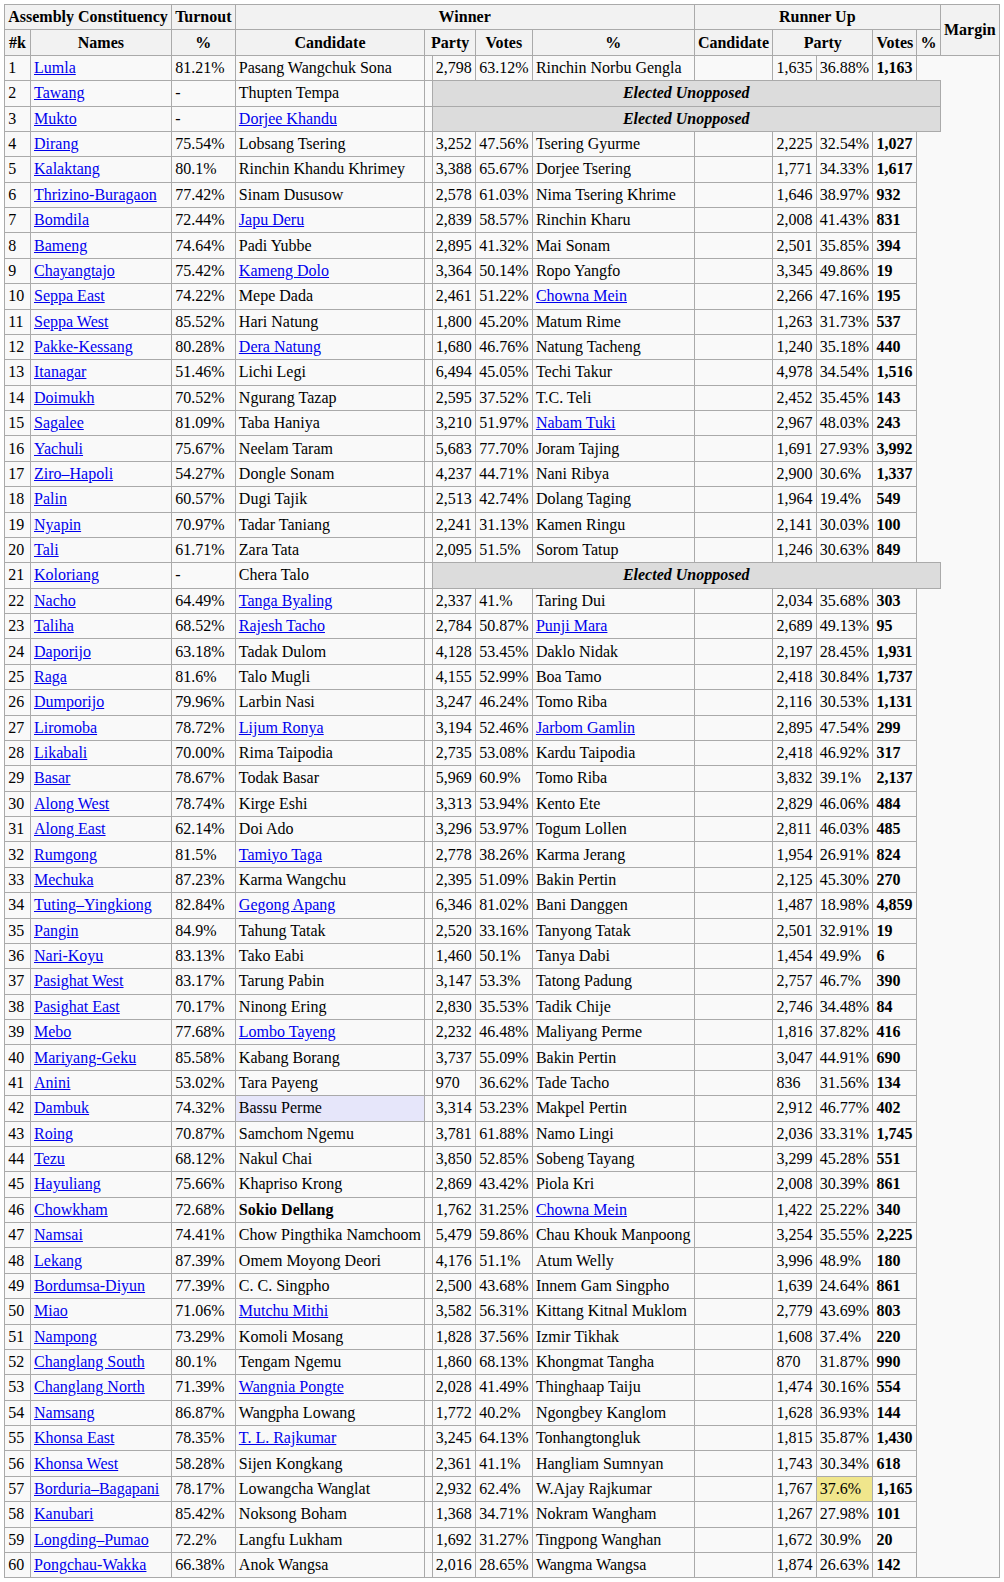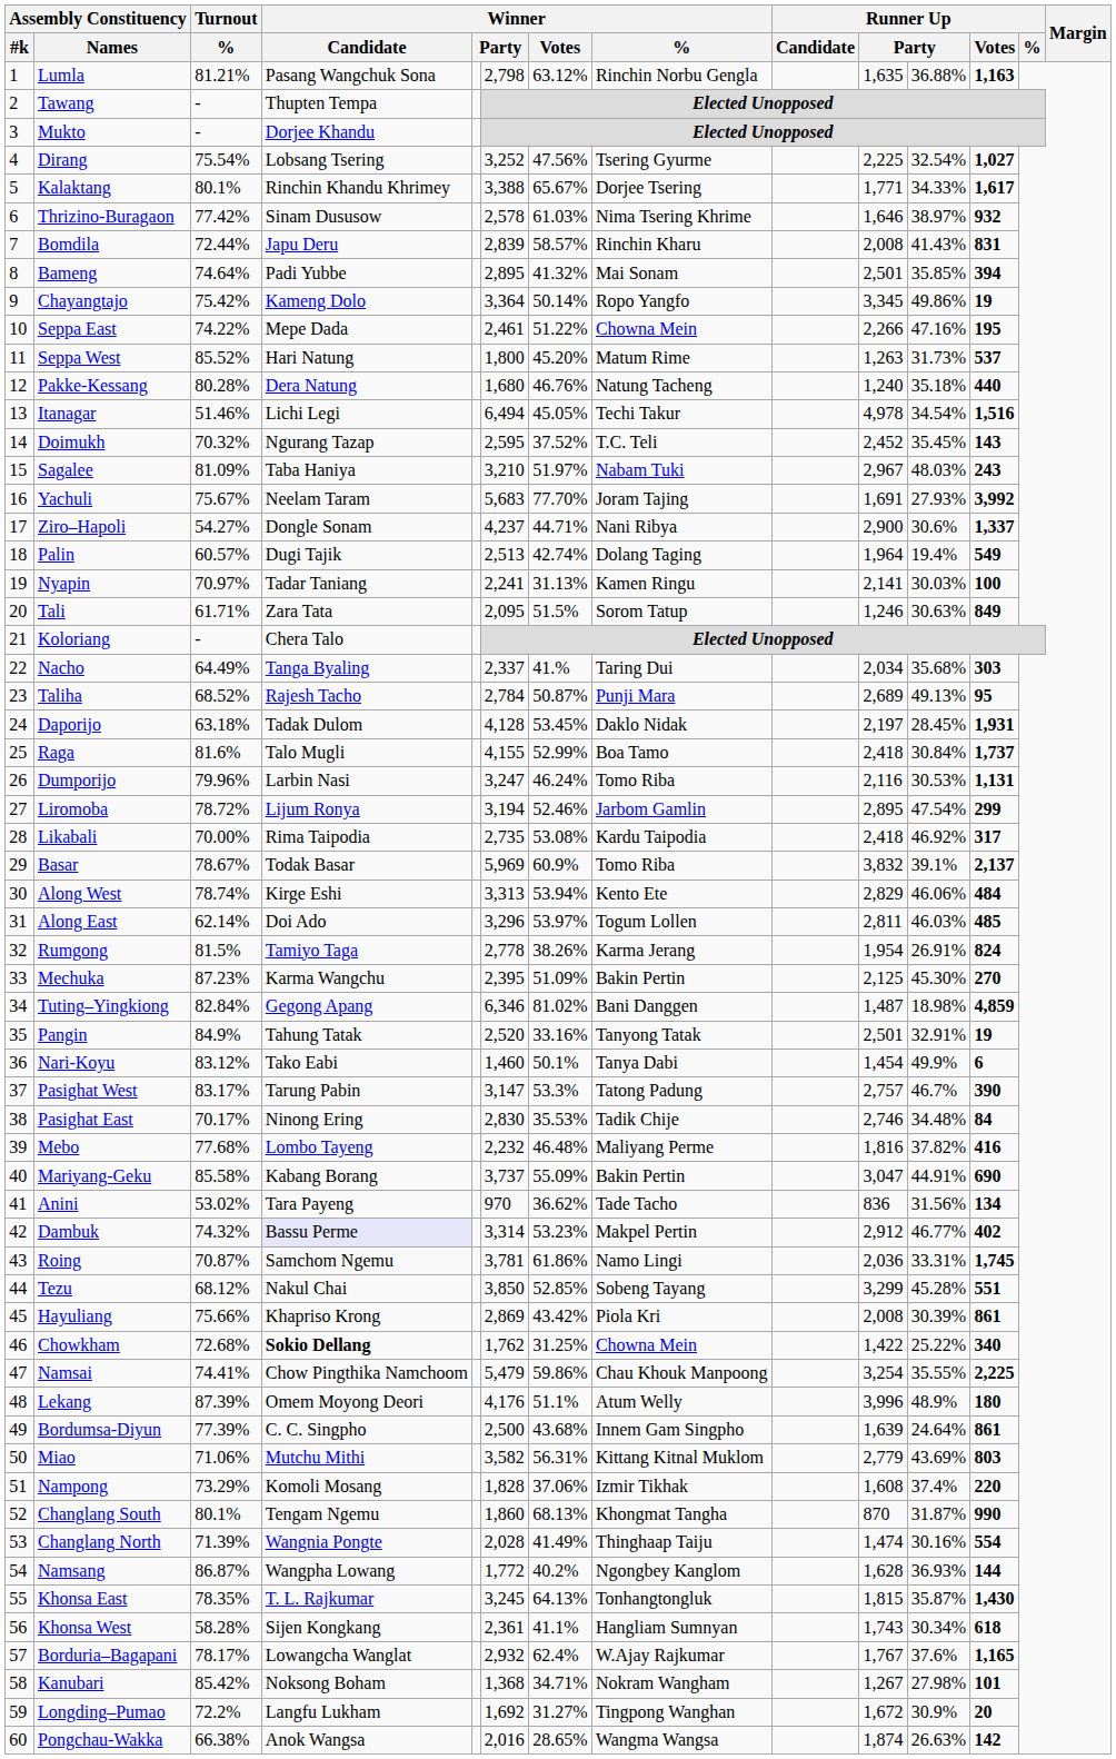 <table class="wikitable sortable">
 <tr>
 <th colspan="2">Assembly Constituency</th>
 <th>Turnout</th>
 <th colspan="5">Winner</th>
 <th colspan="5">Runner Up</th>
 <th rowspan="2" data-sort-type=number>Margin</th>
 </tr>
 <tr>
 <th>#k</th>
 <th>Names</th>
 <th>%</th>
 <th>Candidate</th>
 <th colspan="2">Party</th>
 <th data-sort-type=number>Votes</th>
 <th>%</th>
 <th>Candidate</th>
 <th colspan="2">Party</th>
 <th data-sort-type=number>Votes</th>
 <th>%</th>
 </tr>
 <tr>
 <td>1</td>
 <td><a href='#'>Lumla</a></td>
 <td>81.21%</td>
 <td>Pasang Wangchuk Sona</td>
 <td></td>
 <td>2,798</td>
 <td>63.12%</td>
 <td>Rinchin Norbu Gengla</td>
 <td></td>
 <td>1,635</td>
 <td>36.88%</td>
 <td style="background:"><span><strong>1,163</strong></span></td>
 </tr>
 <tr>
 <td>2</td>
 <td><a href='#'>Tawang</a></td>
 <td>-</td>
 <td>Thupten Tempa</td>
 <td></td>
 <td colspan=8 style="background:#dcdcdc; text-align:center;"><b><em>Elected Unopposed</em></b></td>
 </tr>
 <tr>
 <td>3</td>
 <td><a href='#'>Mukto</a></td>
 <td>-</td>
 <td><a href='#'>Dorjee Khandu</a></td>
 <td></td>
 <td colspan=8 style="background:#dcdcdc; text-align:center;"><b><em>Elected Unopposed</em></b></td>
 </tr>
 <tr>
 <td>4</td>
 <td><a href='#'>Dirang</a></td>
 <td>75.54%</td>
 <td>Lobsang Tsering</td>
 <td></td>
 <td>3,252</td>
 <td>47.56%</td>
 <td>Tsering Gyurme</td>
 <td></td>
 <td>2,225</td>
 <td>32.54%</td>
 <td style="background:"><span><strong>1,027</strong></span></td>
 </tr>
 <tr>
 <td>5</td>
 <td><a href='#'>Kalaktang</a></td>
 <td>80.1%</td>
 <td>Rinchin Khandu Khrimey</td>
 <td></td>
 <td>3,388</td>
 <td>65.67%</td>
 <td>Dorjee Tsering</td>
 <td></td>
 <td>1,771</td>
 <td>34.33%</td>
 <td style="background:"><span><strong>1,617</strong></span></td>
 </tr>
 <tr>
 <td>6</td>
 <td><a href='#'>Thrizino-Buragaon</a></td>
 <td>77.42%</td>
 <td>Sinam Dususow</td>
 <td></td>
 <td>2,578</td>
 <td>61.03%</td>
 <td>Nima Tsering Khrime</td>
 <td></td>
 <td>1,646</td>
 <td>38.97%</td>
 <td style="background:"><span><strong>932</strong></span></td>
 </tr>
 <tr>
 <td>7</td>
 <td><a href='#'>Bomdila</a></td>
 <td>72.44%</td>
 <td><a href='#'>Japu Deru</a></td>
 <td></td>
 <td>2,839</td>
 <td>58.57%</td>
 <td>Rinchin Kharu</td>
 <td></td>
 <td>2,008</td>
 <td>41.43%</td>
 <td style="background:"><span><strong>831</strong></span></td>
 </tr>
 <tr>
 <td>8</td>
 <td><a href='#'>Bameng</a></td>
 <td>74.64%</td>
 <td>Padi Yubbe</td>
 <td></td>
 <td>2,895</td>
 <td>41.32%</td>
 <td>Mai Sonam</td>
 <td></td>
 <td>2,501</td>
 <td>35.85%</td>
 <td style="background:"><span><strong>394</strong></span></td>
 </tr>
 <tr>
 <td>9</td>
 <td><a href='#'>Chayangtajo</a></td>
 <td>75.42%</td>
 <td><a href='#'>Kameng Dolo</a></td>
 <td></td>
 <td>3,364</td>
 <td>50.14%</td>
 <td>Ropo Yangfo</td>
 <td></td>
 <td>3,345</td>
 <td>49.86%</td>
 <td style="background:"><span><strong>19</strong></span></td>
 </tr>
 <tr>
 <td>10</td>
 <td><a href='#'>Seppa East</a></td>
 <td>74.22%</td>
 <td>Mepe Dada</td>
 <td></td>
 <td>2,461</td>
 <td>51.22%</td>
 <td><a href='#'>Chowna Mein</a></td>
 <td></td>
 <td>2,266</td>
 <td>47.16%</td>
 <td style="background:"><span><strong>195</strong></span></td>
 </tr>
 <tr>
 <td>11</td>
 <td><a href='#'>Seppa West</a></td>
 <td>85.52%</td>
 <td>Hari Natung</td>
 <td></td>
 <td>1,800</td>
 <td>45.20%</td>
 <td>Matum Rime</td>
 <td></td>
 <td>1,263</td>
 <td>31.73%</td>
 <td style="background:"><span><strong>537</strong></span></td>
 </tr>
 <tr>
 <td>12</td>
 <td><a href='#'>Pakke-Kessang</a></td>
 <td>80.28%</td>
 <td><a href='#'>Dera Natung</a></td>
 <td></td>
 <td>1,680</td>
 <td>46.76%</td>
 <td>Natung Tacheng</td>
 <td></td>
 <td>1,240</td>
 <td>35.18%</td>
 <td style="background:"><span><strong>440</strong></span></td>
 </tr>
 <tr>
 <td>13</td>
 <td><a href='#'>Itanagar</a></td>
 <td>51.46%</td>
 <td>Lichi Legi</td>
 <td></td>
 <td>6,494</td>
 <td>45.05%</td>
 <td>Techi Takur</td>
 <td></td>
 <td>4,978</td>
 <td>34.54%</td>
 <td style="background:"><span><strong>1,516</strong></span></td>
 </tr>
 <tr>
 <td>14</td>
 <td><a href='#'>Doimukh</a></td>
-<td>70.52%</td>
+<td>70.32%</td>
 <td>Ngurang Tazap</td>
 <td></td>
 <td>2,595</td>
 <td>37.52%</td>
 <td>T.C. Teli</td>
 <td></td>
 <td>2,452</td>
 <td>35.45%</td>
 <td style="background:"><span><strong>143</strong></span></td>
 </tr>
 <tr>
 <td>15</td>
 <td><a href='#'>Sagalee</a></td>
 <td>81.09%</td>
 <td>Taba Haniya</td>
 <td></td>
 <td>3,210</td>
 <td>51.97%</td>
 <td><a href='#'>Nabam Tuki</a></td>
 <td></td>
 <td>2,967</td>
 <td>48.03%</td>
 <td style="background:"><span><strong>243</strong></span></td>
 </tr>
 <tr>
 <td>16</td>
 <td><a href='#'>Yachuli</a></td>
 <td>75.67%</td>
 <td>Neelam Taram</td>
 <td></td>
 <td>5,683</td>
 <td>77.70%</td>
 <td>Joram Tajing</td>
 <td></td>
 <td>1,691</td>
 <td>27.93%</td>
 <td style="background:"><span><strong>3,992</strong></span></td>
 </tr>
 <tr>
 <td>17</td>
 <td><a href='#'>Ziro–Hapoli</a></td>
 <td>54.27%</td>
 <td>Dongle Sonam</td>
 <td></td>
 <td>4,237</td>
 <td>44.71%</td>
 <td>Nani Ribya</td>
 <td></td>
 <td>2,900</td>
 <td>30.6%</td>
 <td style="background:"><span><strong>1,337</strong></span></td>
 </tr>
 <tr>
 <td>18</td>
 <td><a href='#'>Palin</a></td>
 <td>60.57%</td>
 <td>Dugi Tajik</td>
 <td></td>
 <td>2,513</td>
 <td>42.74%</td>
 <td>Dolang Taging</td>
 <td></td>
 <td>1,964</td>
 <td>19.4%</td>
 <td style="background:"><span><strong>549</strong></span></td>
 </tr>
 <tr>
 <td>19</td>
 <td><a href='#'>Nyapin</a></td>
 <td>70.97%</td>
 <td>Tadar Taniang</td>
 <td></td>
 <td>2,241</td>
 <td>31.13%</td>
 <td>Kamen Ringu</td>
 <td></td>
 <td>2,141</td>
 <td>30.03%</td>
 <td style="background:"><span><strong>100</strong></span></td>
 </tr>
 <tr>
 <td>20</td>
 <td><a href='#'>Tali</a></td>
 <td>61.71%</td>
 <td>Zara Tata</td>
 <td></td>
 <td>2,095</td>
 <td>51.5%</td>
 <td>Sorom Tatup</td>
 <td></td>
 <td>1,246</td>
 <td>30.63%</td>
 <td style="background:"><span><strong>849</strong></span></td>
 </tr>
 <tr>
 <td>21</td>
 <td><a href='#'>Koloriang</a></td>
 <td>-</td>
 <td>Chera Talo</td>
 <td></td>
 <td colspan=8 style="background:#dcdcdc; text-align:center;"><b><em>Elected Unopposed</em></b></td>
 </tr>
 <tr>
 <td>22</td>
 <td><a href='#'>Nacho</a></td>
 <td>64.49%</td>
 <td><a href='#'>Tanga Byaling</a></td>
 <td></td>
 <td>2,337</td>
 <td>41.%</td>
 <td>Taring Dui</td>
 <td></td>
 <td>2,034</td>
 <td>35.68%</td>
 <td style="background:"><span><strong>303</strong></span></td>
 </tr>
 <tr>
 <td>23</td>
 <td><a href='#'>Taliha</a></td>
 <td>68.52%</td>
 <td><a href='#'>Rajesh Tacho</a></td>
 <td></td>
 <td>2,784</td>
 <td>50.87%</td>
 <td><a href='#'>Punji Mara</a></td>
 <td></td>
 <td>2,689</td>
 <td>49.13%</td>
 <td style="background:"><span><strong>95</strong></span></td>
 </tr>
 <tr>
 <td>24</td>
 <td><a href='#'>Daporijo</a></td>
 <td>63.18%</td>
 <td>Tadak Dulom</td>
 <td></td>
 <td>4,128</td>
 <td>53.45%</td>
 <td>Daklo Nidak</td>
 <td></td>
 <td>2,197</td>
 <td>28.45%</td>
 <td style="background:"><span><strong>1,931</strong></span></td>
 </tr>
 <tr>
 <td>25</td>
 <td><a href='#'>Raga</a></td>
 <td>81.6%</td>
 <td>Talo Mugli</td>
 <td></td>
 <td>4,155</td>
 <td>52.99%</td>
 <td>Boa Tamo</td>
 <td></td>
 <td>2,418</td>
 <td>30.84%</td>
 <td style="background:"><span><strong>1,737</strong></span></td>
 </tr>
 <tr>
 <td>26</td>
 <td><a href='#'>Dumporijo</a></td>
 <td>79.96%</td>
 <td>Larbin Nasi</td>
 <td></td>
 <td>3,247</td>
 <td>46.24%</td>
 <td>Tomo Riba</td>
 <td></td>
 <td>2,116</td>
 <td>30.53%</td>
 <td style="background:"><span><strong>1,131</strong></span></td>
 </tr>
 <tr>
 <td>27</td>
 <td><a href='#'>Liromoba</a></td>
 <td>78.72%</td>
 <td><a href='#'>Lijum Ronya</a></td>
 <td></td>
 <td>3,194</td>
 <td>52.46%</td>
 <td><a href='#'>Jarbom Gamlin</a></td>
 <td></td>
 <td>2,895</td>
 <td>47.54%</td>
 <td style="background:"><span><strong>299</strong></span></td>
 </tr>
 <tr>
 <td>28</td>
 <td><a href='#'>Likabali</a></td>
 <td>70.00%</td>
 <td>Rima Taipodia</td>
 <td></td>
 <td>2,735</td>
 <td>53.08%</td>
 <td>Kardu Taipodia</td>
 <td></td>
 <td>2,418</td>
 <td>46.92%</td>
 <td style="background:"><span><strong>317</strong></span></td>
 </tr>
 <tr>
 <td>29</td>
 <td><a href='#'>Basar</a></td>
 <td>78.67%</td>
 <td>Todak Basar</td>
 <td></td>
 <td>5,969</td>
 <td>60.9%</td>
 <td>Tomo Riba</td>
 <td></td>
 <td>3,832</td>
 <td>39.1%</td>
 <td style="background:"><span><strong>2,137</strong></span></td>
 </tr>
 <tr>
 <td>30</td>
 <td><a href='#'>Along West</a></td>
 <td>78.74%</td>
 <td>Kirge Eshi</td>
 <td></td>
 <td>3,313</td>
 <td>53.94%</td>
 <td>Kento Ete</td>
 <td></td>
 <td>2,829</td>
 <td>46.06%</td>
 <td style="background:"><span><strong>484</strong></span></td>
 </tr>
 <tr>
 <td>31</td>
 <td><a href='#'>Along East</a></td>
 <td>62.14%</td>
 <td>Doi Ado</td>
 <td></td>
 <td>3,296</td>
 <td>53.97%</td>
 <td>Togum Lollen</td>
 <td></td>
 <td>2,811</td>
 <td>46.03%</td>
 <td style="background:"><span><strong>485</strong></span></td>
 </tr>
 <tr>
 <td>32</td>
 <td><a href='#'>Rumgong</a></td>
 <td>81.5%</td>
 <td><a href='#'>Tamiyo Taga</a></td>
 <td></td>
 <td>2,778</td>
 <td>38.26%</td>
 <td>Karma Jerang</td>
 <td></td>
 <td>1,954</td>
 <td>26.91%</td>
 <td style="background:"><span><strong>824</strong></span></td>
 </tr>
 <tr>
 <td>33</td>
 <td><a href='#'>Mechuka</a></td>
 <td>87.23%</td>
 <td>Karma Wangchu</td>
 <td></td>
 <td>2,395</td>
 <td>51.09%</td>
 <td>Bakin Pertin</td>
 <td></td>
 <td>2,125</td>
 <td>45.30%</td>
 <td style="background:"><span><strong>270</strong></span></td>
 </tr>
 <tr>
 <td>34</td>
 <td><a href='#'>Tuting–Yingkiong</a></td>
 <td>82.84%</td>
 <td><a href='#'>Gegong Apang</a></td>
 <td></td>
 <td>6,346</td>
 <td>81.02%</td>
 <td>Bani Danggen</td>
 <td></td>
 <td>1,487</td>
 <td>18.98%</td>
 <td style="background:"><span><strong>4,859</strong></span></td>
 </tr>
 <tr>
 <td>35</td>
 <td><a href='#'>Pangin</a></td>
 <td>84.9%</td>
 <td>Tahung Tatak</td>
 <td></td>
 <td>2,520</td>
 <td>33.16%</td>
 <td>Tanyong Tatak</td>
 <td></td>
 <td>2,501</td>
 <td>32.91%</td>
 <td style="background:"><span><strong>19</strong></span></td>
 </tr>
 <tr>
 <td>36</td>
 <td><a href='#'>Nari-Koyu</a></td>
-<td>83.13%</td>
+<td>83.12%</td>
 <td>Tako Eabi</td>
 <td></td>
 <td>1,460</td>
 <td>50.1%</td>
 <td>Tanya Dabi</td>
 <td></td>
 <td>1,454</td>
 <td>49.9%</td>
 <td style="background:"><span><strong>6</strong></span></td>
 </tr>
 <tr>
 <td>37</td>
 <td><a href='#'>Pasighat West</a></td>
 <td>83.17%</td>
 <td>Tarung Pabin</td>
 <td></td>
 <td>3,147</td>
 <td>53.3%</td>
 <td>Tatong Padung</td>
 <td></td>
 <td>2,757</td>
 <td>46.7%</td>
 <td style="background:"><span><strong>390</strong></span></td>
 </tr>
 <tr>
 <td>38</td>
 <td><a href='#'>Pasighat East</a></td>
 <td>70.17%</td>
 <td>Ninong Ering</td>
 <td></td>
 <td>2,830</td>
 <td>35.53%</td>
 <td>Tadik Chije</td>
 <td></td>
 <td>2,746</td>
 <td>34.48%</td>
 <td style="background:"><span><strong>84</strong></span></td>
 </tr>
 <tr>
 <td>39</td>
 <td><a href='#'>Mebo</a></td>
 <td>77.68%</td>
 <td><a href='#'>Lombo Tayeng</a></td>
 <td></td>
 <td>2,232</td>
 <td>46.48%</td>
 <td>Maliyang Perme</td>
 <td></td>
 <td>1,816</td>
 <td>37.82%</td>
 <td style="background:"><span><strong>416</strong></span></td>
 </tr>
 <tr>
 <td>40</td>
 <td><a href='#'>Mariyang-Geku</a></td>
 <td>85.58%</td>
 <td>Kabang Borang</td>
 <td></td>
 <td>3,737</td>
 <td>55.09%</td>
 <td>Bakin Pertin</td>
 <td></td>
 <td>3,047</td>
 <td>44.91%</td>
 <td style="background:"><span><strong>690</strong></span></td>
 </tr>
 <tr>
 <td>41</td>
 <td><a href='#'>Anini</a></td>
 <td>53.02%</td>
 <td>Tara Payeng</td>
 <td></td>
 <td>970</td>
 <td>36.62%</td>
 <td>Tade Tacho</td>
 <td></td>
 <td>836</td>
 <td>31.56%</td>
 <td style="background:"><span><strong>134</strong></span></td>
 </tr>
 <tr>
 <td>42</td>
 <td><a href='#'>Dambuk</a></td>
 <td>74.32%</td>
 <td style="background: lavender;">Bassu Perme</td>
 <td></td>
 <td>3,314</td>
 <td>53.23%</td>
 <td>Makpel Pertin</td>
 <td></td>
 <td>2,912</td>
 <td>46.77%</td>
 <td style="background:"><span><strong>402</strong></span></td>
 </tr>
 <tr>
 <td>43</td>
 <td><a href='#'>Roing</a></td>
 <td>70.87%</td>
 <td>Samchom Ngemu</td>
 <td></td>
 <td>3,781</td>
-<td>61.88%</td>
+<td>61.86%</td>
 <td>Namo Lingi</td>
 <td></td>
 <td>2,036</td>
 <td>33.31%</td>
 <td style="background:"><span><strong>1,745</strong></span></td>
 </tr>
 <tr>
 <td>44</td>
 <td><a href='#'>Tezu</a></td>
 <td>68.12%</td>
 <td>Nakul Chai</td>
 <td></td>
 <td>3,850</td>
 <td>52.85%</td>
 <td>Sobeng Tayang</td>
 <td></td>
 <td>3,299</td>
 <td>45.28%</td>
 <td style="background:"><span><strong>551</strong></span></td>
 </tr>
 <tr>
 <td>45</td>
 <td><a href='#'>Hayuliang</a></td>
 <td>75.66%</td>
 <td>Khapriso Krong</td>
 <td></td>
 <td>2,869</td>
 <td>43.42%</td>
 <td>Piola Kri</td>
 <td></td>
 <td>2,008</td>
 <td>30.39%</td>
 <td style="background:"><span><strong>861</strong></span></td>
 </tr>
 <tr>
 <td>46</td>
 <td><a href='#'>Chowkham</a></td>
 <td>72.68%</td>
 <td><strong>Sokio Dellang</strong></td>
 <td></td>
 <td>1,762</td>
 <td>31.25%</td>
 <td><a href='#'>Chowna Mein</a></td>
 <td></td>
 <td>1,422</td>
 <td>25.22%</td>
 <td style="background:"><span><strong>340</strong></span></td>
 </tr>
 <tr>
 <td>47</td>
 <td><a href='#'>Namsai</a></td>
 <td>74.41%</td>
 <td>Chow Pingthika Namchoom</td>
 <td></td>
 <td>5,479</td>
 <td>59.86%</td>
 <td>Chau Khouk Manpoong</td>
 <td></td>
 <td>3,254</td>
 <td>35.55%</td>
 <td style="background:"><span><strong>2,225</strong></span></td>
 </tr>
 <tr>
 <td>48</td>
 <td><a href='#'>Lekang</a></td>
 <td>87.39%</td>
 <td>Omem Moyong Deori</td>
 <td></td>
 <td>4,176</td>
 <td>51.1%</td>
 <td>Atum Welly</td>
 <td></td>
 <td>3,996</td>
 <td>48.9%</td>
 <td style="background:"><span><strong>180</strong></span></td>
 </tr>
 <tr>
 <td>49</td>
 <td><a href='#'>Bordumsa-Diyun</a></td>
 <td>77.39%</td>
 <td>C. C. Singpho</td>
 <td></td>
 <td>2,500</td>
 <td>43.68%</td>
 <td>Innem Gam Singpho</td>
 <td></td>
 <td>1,639</td>
 <td>24.64%</td>
 <td style="background:"><span><strong>861</strong></span></td>
 </tr>
 <tr>
 <td>50</td>
 <td><a href='#'>Miao</a></td>
 <td>71.06%</td>
 <td><a href='#'>Mutchu Mithi</a></td>
 <td></td>
 <td>3,582</td>
 <td>56.31%</td>
 <td>Kittang Kitnal Muklom</td>
 <td></td>
 <td>2,779</td>
 <td>43.69%</td>
 <td style="background:"><span><strong>803</strong></span></td>
 </tr>
 <tr>
 <td>51</td>
 <td><a href='#'>Nampong</a></td>
 <td>73.29%</td>
 <td>Komoli Mosang</td>
 <td></td>
 <td>1,828</td>
-<td>37.56%</td>
+<td>37.06%</td>
 <td>Izmir Tikhak</td>
 <td></td>
 <td>1,608</td>
 <td>37.4%</td>
 <td style="background:"><span><strong>220</strong></span></td>
 </tr>
 <tr>
 <td>52</td>
 <td><a href='#'>Changlang South</a></td>
 <td>80.1%</td>
 <td>Tengam Ngemu</td>
 <td></td>
 <td>1,860</td>
 <td>68.13%</td>
 <td>Khongmat Tangha</td>
 <td></td>
 <td>870</td>
 <td>31.87%</td>
 <td style="background:"><span><strong>990</strong></span></td>
 </tr>
 <tr>
 <td>53</td>
 <td><a href='#'>Changlang North</a></td>
 <td>71.39%</td>
 <td><a href='#'>Wangnia Pongte</a></td>
 <td></td>
 <td>2,028</td>
 <td>41.49%</td>
 <td>Thinghaap Taiju</td>
 <td></td>
 <td>1,474</td>
 <td>30.16%</td>
 <td style="background:"><span><strong>554</strong></span></td>
 </tr>
 <tr>
 <td>54</td>
 <td><a href='#'>Namsang</a></td>
 <td>86.87%</td>
 <td>Wangpha Lowang</td>
 <td></td>
 <td>1,772</td>
 <td>40.2%</td>
 <td>Ngongbey Kanglom</td>
 <td></td>
 <td>1,628</td>
 <td>36.93%</td>
 <td style="background:"><span><strong>144</strong></span></td>
 </tr>
 <tr>
 <td>55</td>
 <td><a href='#'>Khonsa East</a></td>
 <td>78.35%</td>
 <td><a href='#'>T. L. Rajkumar</a></td>
 <td></td>
 <td>3,245</td>
 <td>64.13%</td>
 <td>Tonhangtongluk</td>
 <td></td>
 <td>1,815</td>
 <td>35.87%</td>
 <td style="background:"><span><strong>1,430</strong></span></td>
 </tr>
 <tr>
 <td>56</td>
 <td><a href='#'>Khonsa West</a></td>
 <td>58.28%</td>
 <td>Sijen Kongkang</td>
 <td></td>
 <td>2,361</td>
 <td>41.1%</td>
 <td>Hangliam Sumnyan</td>
 <td></td>
 <td>1,743</td>
 <td>30.34%</td>
 <td style="background:"><span><strong>618</strong></span></td>
 </tr>
 <tr>
 <td>57</td>
 <td><a href='#'>Borduria–Bagapani</a></td>
 <td>78.17%</td>
 <td>Lowangcha Wanglat</td>
 <td></td>
 <td>2,932</td>
 <td>62.4%</td>
 <td>W.Ajay Rajkumar</td>
 <td></td>
 <td>1,767</td>
-<td style="background: khaki;">37.6%</td>
+<td>37.6%</td>
 <td style="background:"><span><strong>1,165</strong></span></td>
 </tr>
 <tr>
 <td>58</td>
 <td><a href='#'>Kanubari</a></td>
 <td>85.42%</td>
 <td>Noksong Boham</td>
 <td></td>
 <td>1,368</td>
 <td>34.71%</td>
 <td>Nokram Wangham</td>
 <td></td>
 <td>1,267</td>
 <td>27.98%</td>
 <td style="background:"><span><strong>101</strong></span></td>
 </tr>
 <tr>
 <td>59</td>
 <td><a href='#'>Longding–Pumao</a></td>
 <td>72.2%</td>
 <td>Langfu Lukham</td>
 <td></td>
 <td>1,692</td>
 <td>31.27%</td>
 <td>Tingpong Wanghan</td>
 <td></td>
 <td>1,672</td>
 <td>30.9%</td>
 <td style="background:"><span><strong>20</strong></span></td>
 </tr>
 <tr>
 <td>60</td>
 <td><a href='#'>Pongchau-Wakka</a></td>
 <td>66.38%</td>
 <td>Anok Wangsa</td>
 <td></td>
 <td>2,016</td>
 <td>28.65%</td>
 <td>Wangma Wangsa</td>
 <td></td>
 <td>1,874</td>
 <td>26.63%</td>
 <td style="background:"><span><strong>142</strong></span></td>
 </tr>
 </table>
